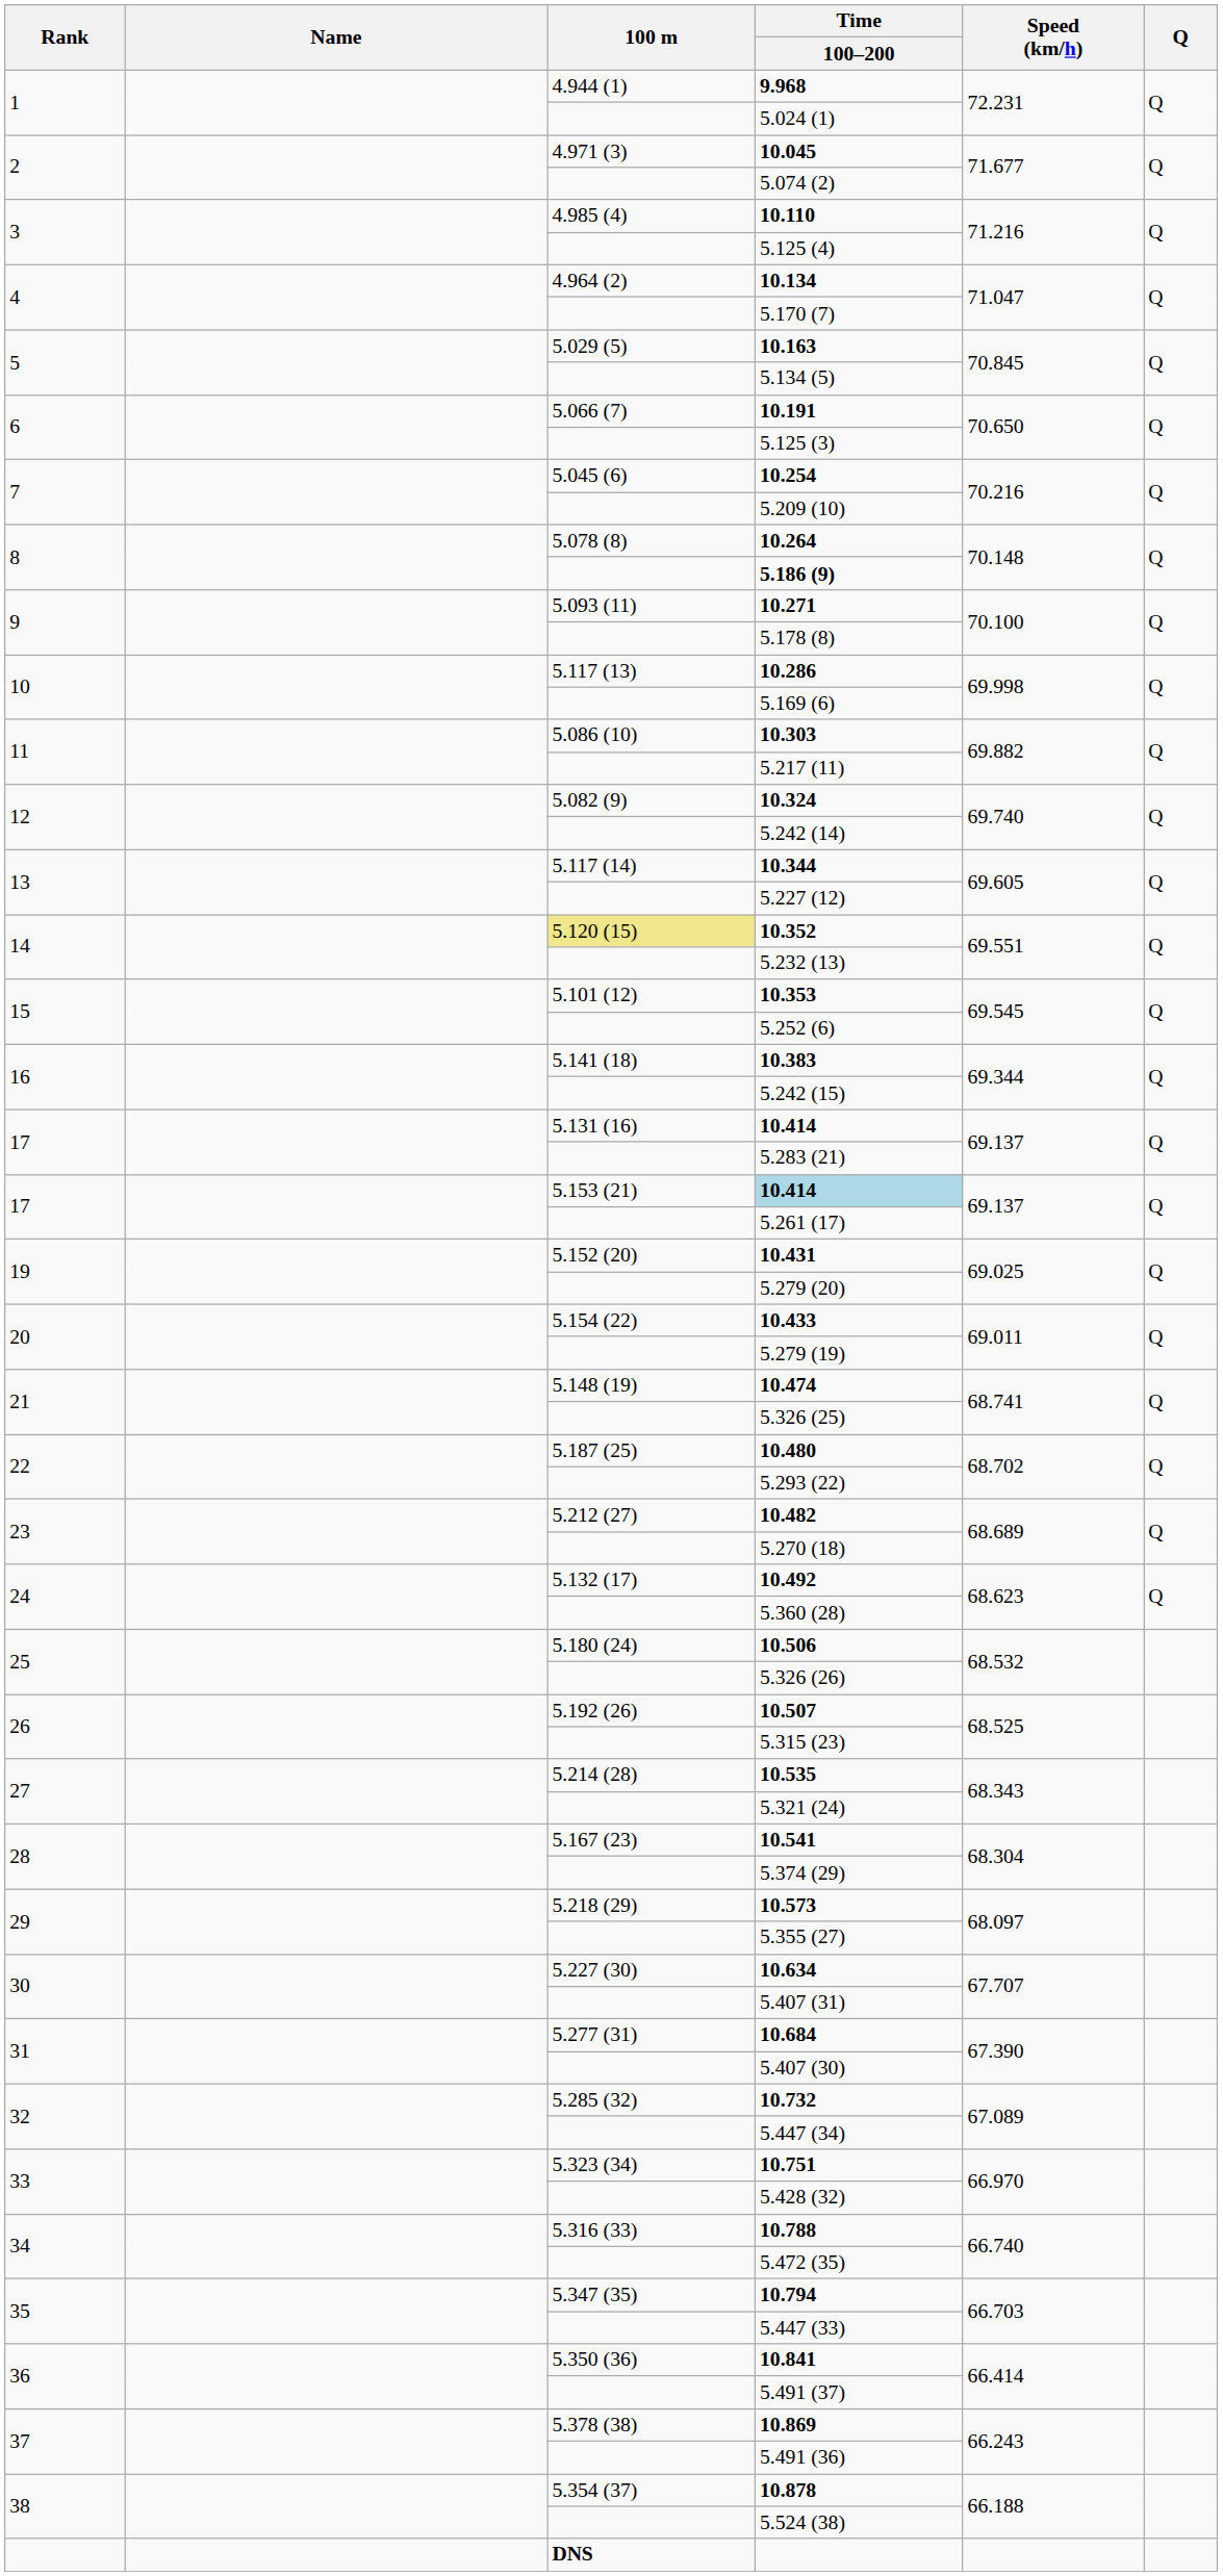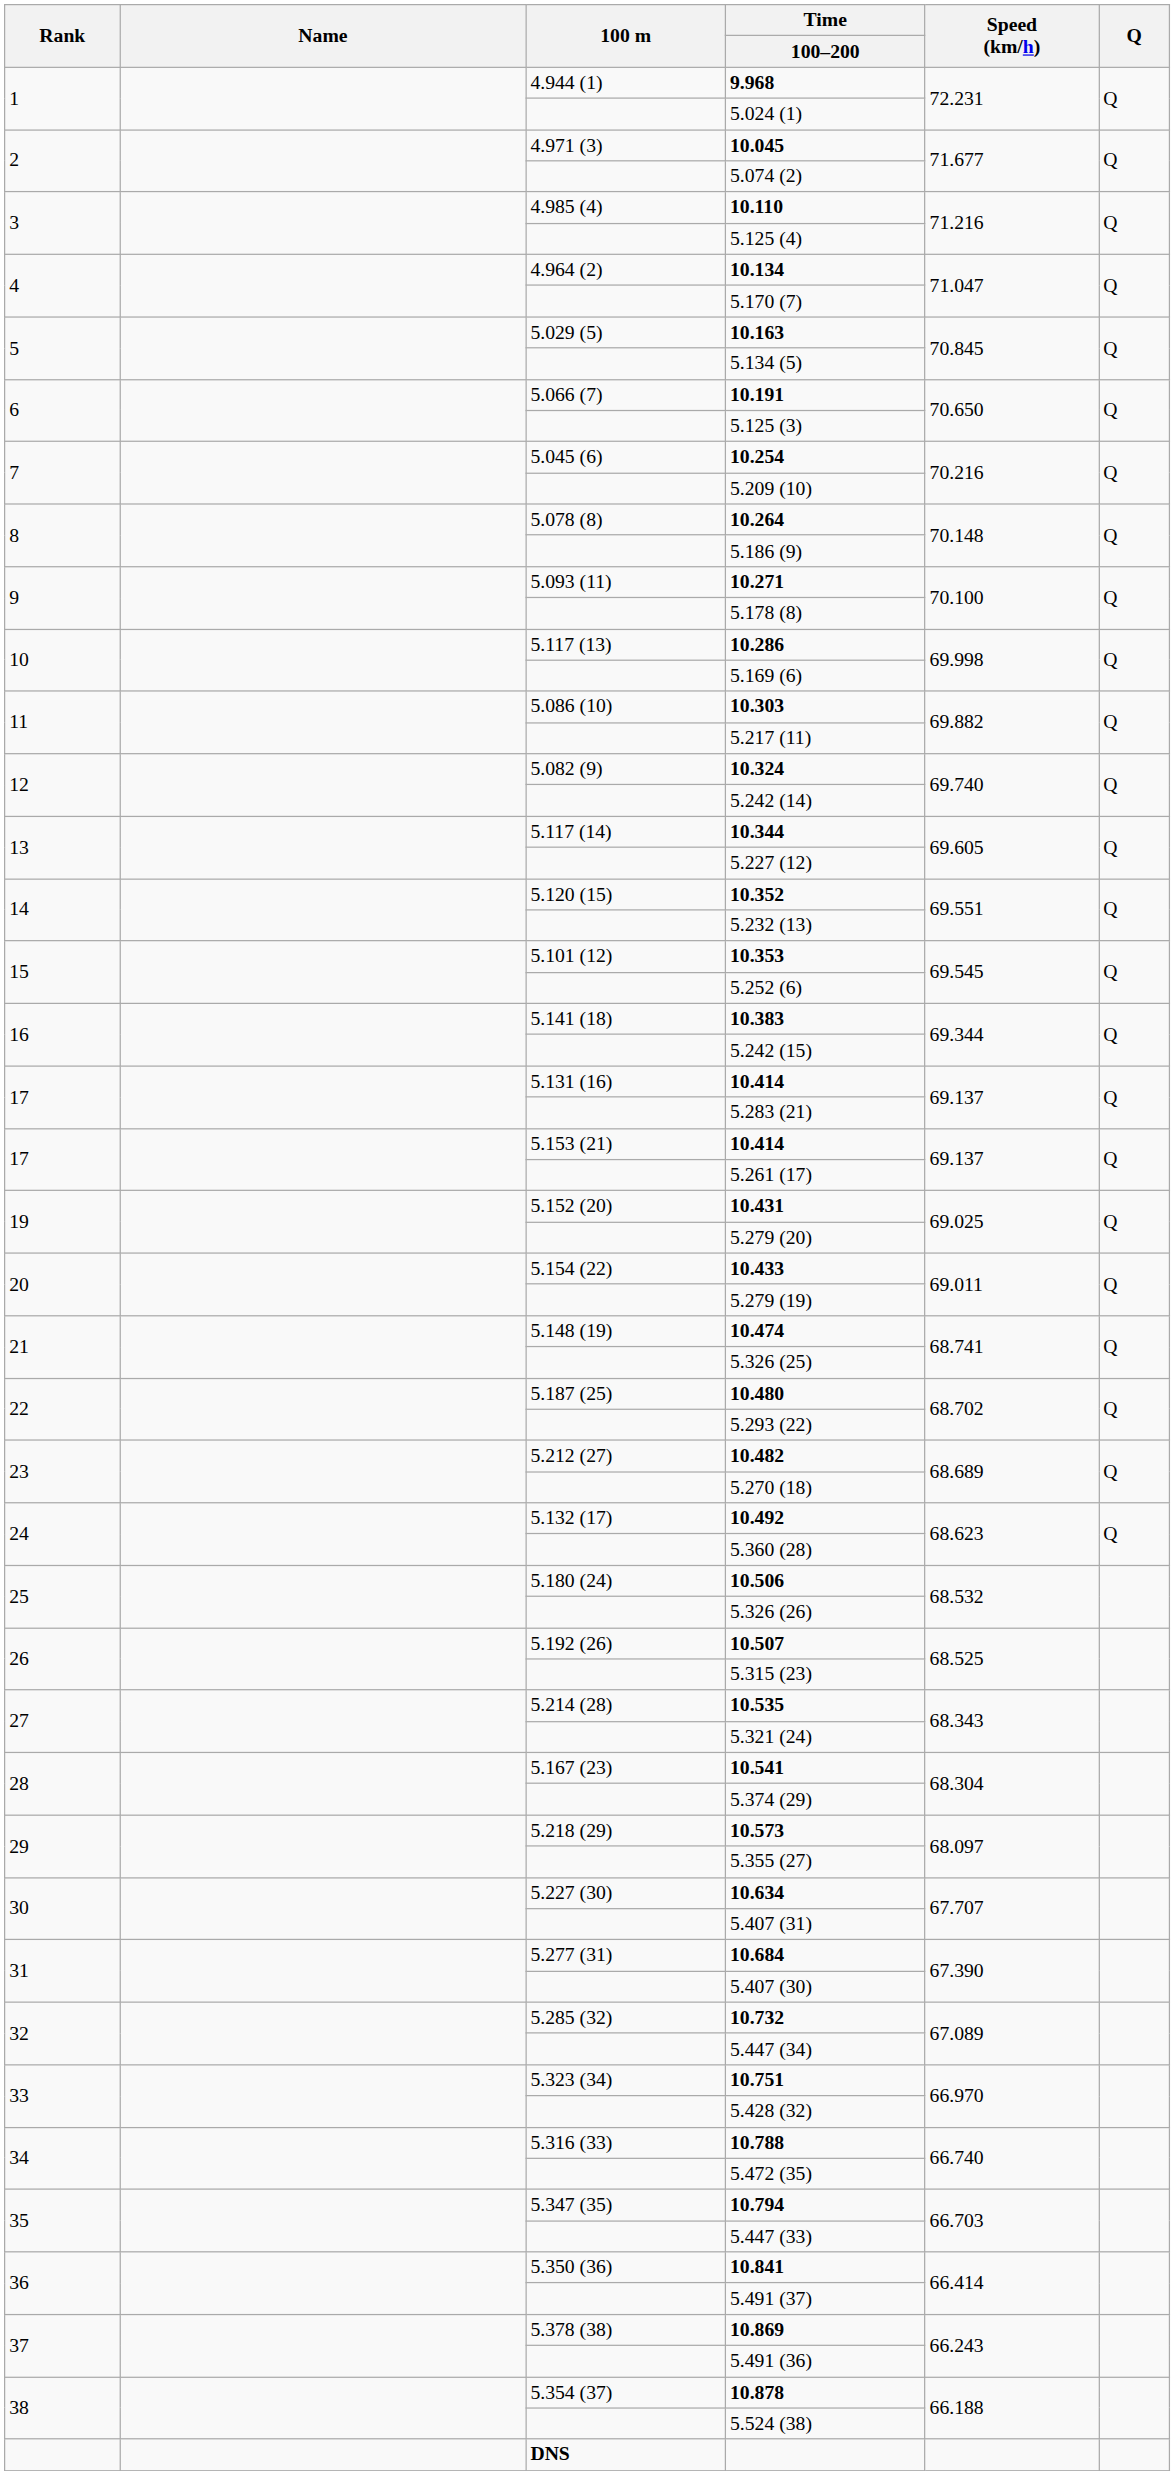 <table class="wikitable" width=75%>
 <tr>
 <th rowspan=2 width=20>Rank</th>
 <th rowspan=2 width=150>Name</th>
 <th rowspan=2 width=70>100 m</th>
 <th width=70>Time</th>
 <th rowspan=2 width=60>Speed<br>(km/<a href='#'>h</a>)</th>
 <th width=20 rowspan=2>Q</th>
 </tr>
 <tr>
 <th>100–200</th>
 </tr>
 <tr>
 <td rowspan=2>1</td>
 <td rowspan=2></td>
 <td>4.944 (1)</td>
 <td><strong>9.968</strong></td>
 <td rowspan=2>72.231</td>
 <td rowspan=2>Q</td>
 </tr>
 <tr>
 <td></td>
 <td>5.024 (1)</td>
 </tr>
 <tr>
 <td rowspan=2>2</td>
 <td rowspan=2></td>
 <td>4.971 (3)</td>
 <td><strong>10.045</strong></td>
 <td rowspan=2>71.677</td>
 <td rowspan=2>Q</td>
 </tr>
 <tr>
 <td></td>
 <td>5.074 (2)</td>
 </tr>
 <tr>
 <td rowspan=2>3</td>
 <td rowspan=2></td>
 <td>4.985 (4)</td>
 <td><strong>10.110</strong></td>
 <td rowspan=2>71.216</td>
 <td rowspan=2>Q</td>
 </tr>
 <tr>
 <td></td>
 <td>5.125 (4)</td>
 </tr>
 <tr>
 <td rowspan=2>4</td>
 <td rowspan=2></td>
 <td>4.964 (2)</td>
 <td><strong>10.134</strong></td>
 <td rowspan=2>71.047</td>
 <td rowspan=2>Q</td>
 </tr>
 <tr>
 <td></td>
 <td>5.170 (7)</td>
 </tr>
 <tr>
 <td rowspan=2>5</td>
 <td rowspan=2></td>
 <td>5.029 (5)</td>
 <td><strong>10.163</strong></td>
 <td rowspan=2>70.845</td>
 <td rowspan=2>Q</td>
 </tr>
 <tr>
 <td></td>
 <td>5.134 (5)</td>
 </tr>
 <tr>
 <td rowspan=2>6</td>
 <td rowspan=2></td>
 <td>5.066 (7)</td>
 <td><strong>10.191</strong></td>
 <td rowspan=2>70.650</td>
 <td rowspan=2>Q</td>
 </tr>
 <tr>
 <td></td>
 <td>5.125 (3)</td>
 </tr>
 <tr>
 <td rowspan=2>7</td>
 <td rowspan=2></td>
 <td>5.045 (6)</td>
 <td><strong>10.254</strong></td>
 <td rowspan=2>70.216</td>
 <td rowspan=2>Q</td>
 </tr>
 <tr>
 <td></td>
 <td>5.209 (10)</td>
 </tr>
 <tr>
 <td rowspan=2>8</td>
 <td rowspan=2></td>
 <td>5.078 (8)</td>
 <td><strong>10.264</strong></td>
 <td rowspan=2>70.148</td>
 <td rowspan=2>Q</td>
 </tr>
 <tr>
 <td></td>
-<td><strong>5.186 (9)</strong></td>
+<td>5.186 (9)</td>
 </tr>
 <tr>
 <td rowspan=2>9</td>
 <td rowspan=2></td>
 <td>5.093 (11)</td>
 <td><strong>10.271</strong></td>
 <td rowspan=2>70.100</td>
 <td rowspan=2>Q</td>
 </tr>
 <tr>
 <td></td>
 <td>5.178 (8)</td>
 </tr>
 <tr>
 <td rowspan=2>10</td>
 <td rowspan=2></td>
 <td>5.117 (13)</td>
 <td><strong>10.286</strong></td>
 <td rowspan=2>69.998</td>
 <td rowspan=2>Q</td>
 </tr>
 <tr>
 <td></td>
 <td>5.169 (6)</td>
 </tr>
 <tr>
 <td rowspan=2>11</td>
 <td rowspan=2></td>
 <td>5.086 (10)</td>
 <td><strong>10.303</strong></td>
 <td rowspan=2>69.882</td>
 <td rowspan=2>Q</td>
 </tr>
 <tr>
 <td></td>
 <td>5.217 (11)</td>
 </tr>
 <tr>
 <td rowspan=2>12</td>
 <td rowspan=2></td>
 <td>5.082 (9)</td>
 <td><strong>10.324</strong></td>
 <td rowspan=2>69.740</td>
 <td rowspan=2>Q</td>
 </tr>
 <tr>
 <td></td>
 <td>5.242 (14)</td>
 </tr>
 <tr>
 <td rowspan=2>13</td>
 <td rowspan=2></td>
 <td>5.117 (14)</td>
 <td><strong>10.344</strong></td>
 <td rowspan=2>69.605</td>
 <td rowspan=2>Q</td>
 </tr>
 <tr>
 <td></td>
 <td>5.227 (12)</td>
 </tr>
 <tr>
 <td rowspan=2>14</td>
 <td rowspan=2></td>
-<td style="background: khaki;">5.120 (15)</td>
+<td>5.120 (15)</td>
 <td><strong>10.352</strong></td>
 <td rowspan=2>69.551</td>
 <td rowspan=2>Q</td>
 </tr>
 <tr>
 <td></td>
 <td>5.232 (13)</td>
 </tr>
 <tr>
 <td rowspan=2>15</td>
 <td rowspan=2></td>
 <td>5.101 (12)</td>
 <td><strong>10.353</strong></td>
 <td rowspan=2>69.545</td>
 <td rowspan=2>Q</td>
 </tr>
 <tr>
 <td></td>
 <td>5.252 (6)</td>
 </tr>
 <tr>
 <td rowspan=2>16</td>
 <td rowspan=2></td>
 <td>5.141 (18)</td>
 <td><strong>10.383</strong></td>
 <td rowspan=2>69.344</td>
 <td rowspan=2>Q</td>
 </tr>
 <tr>
 <td></td>
 <td>5.242 (15)</td>
 </tr>
 <tr>
 <td rowspan=2>17</td>
 <td rowspan=2></td>
 <td>5.131 (16)</td>
 <td><strong>10.414</strong></td>
 <td rowspan=2>69.137</td>
 <td rowspan=2>Q</td>
 </tr>
 <tr>
 <td></td>
 <td>5.283 (21)</td>
 </tr>
 <tr>
 <td rowspan=2>17</td>
 <td rowspan=2></td>
 <td>5.153 (21)</td>
-<td style="background: lightblue;"><strong>10.414</strong></td>
+<td><strong>10.414</strong></td>
 <td rowspan=2>69.137</td>
 <td rowspan=2>Q</td>
 </tr>
 <tr>
 <td></td>
 <td>5.261 (17)</td>
 </tr>
 <tr>
 <td rowspan=2>19</td>
 <td rowspan=2></td>
 <td>5.152 (20)</td>
 <td><strong>10.431</strong></td>
 <td rowspan=2>69.025</td>
 <td rowspan=2>Q</td>
 </tr>
 <tr>
 <td></td>
 <td>5.279 (20)</td>
 </tr>
 <tr>
 <td rowspan=2>20</td>
 <td rowspan=2></td>
 <td>5.154 (22)</td>
 <td><strong>10.433</strong></td>
 <td rowspan=2>69.011</td>
 <td rowspan=2>Q</td>
 </tr>
 <tr>
 <td></td>
 <td>5.279 (19)</td>
 </tr>
 <tr>
 <td rowspan=2>21</td>
 <td rowspan=2></td>
 <td>5.148 (19)</td>
 <td><strong>10.474</strong></td>
 <td rowspan=2>68.741</td>
 <td rowspan=2>Q</td>
 </tr>
 <tr>
 <td></td>
 <td>5.326 (25)</td>
 </tr>
 <tr>
 <td rowspan=2>22</td>
 <td rowspan=2></td>
 <td>5.187 (25)</td>
 <td><strong>10.480</strong></td>
 <td rowspan=2>68.702</td>
 <td rowspan=2>Q</td>
 </tr>
 <tr>
 <td></td>
 <td>5.293 (22)</td>
 </tr>
 <tr>
 <td rowspan=2>23</td>
 <td rowspan=2></td>
 <td>5.212 (27)</td>
 <td><strong>10.482</strong></td>
 <td rowspan=2>68.689</td>
 <td rowspan=2>Q</td>
 </tr>
 <tr>
 <td></td>
 <td>5.270 (18)</td>
 </tr>
 <tr>
 <td rowspan=2>24</td>
 <td rowspan=2></td>
 <td>5.132 (17)</td>
 <td><strong>10.492</strong></td>
 <td rowspan=2>68.623</td>
 <td rowspan=2>Q</td>
 </tr>
 <tr>
 <td></td>
 <td>5.360 (28)</td>
 </tr>
 <tr>
 <td rowspan=2>25</td>
 <td rowspan=2></td>
 <td>5.180 (24)</td>
 <td><strong>10.506</strong></td>
 <td rowspan=2>68.532</td>
 <td rowspan=2></td>
 </tr>
 <tr>
 <td></td>
 <td>5.326 (26)</td>
 </tr>
 <tr>
 <td rowspan=2>26</td>
 <td rowspan=2></td>
 <td>5.192 (26)</td>
 <td><strong>10.507</strong></td>
 <td rowspan=2>68.525</td>
 <td rowspan=2></td>
 </tr>
 <tr>
 <td></td>
 <td>5.315 (23)</td>
 </tr>
 <tr>
 <td rowspan=2>27</td>
 <td rowspan=2></td>
 <td>5.214 (28)</td>
 <td><strong>10.535</strong></td>
 <td rowspan=2>68.343</td>
 <td rowspan=2></td>
 </tr>
 <tr>
 <td></td>
 <td>5.321 (24)</td>
 </tr>
 <tr>
 <td rowspan=2>28</td>
 <td rowspan=2></td>
 <td>5.167 (23)</td>
 <td><strong>10.541</strong></td>
 <td rowspan=2>68.304</td>
 <td rowspan=2></td>
 </tr>
 <tr>
 <td></td>
 <td>5.374 (29)</td>
 </tr>
 <tr>
 <td rowspan=2>29</td>
 <td rowspan=2></td>
 <td>5.218 (29)</td>
 <td><strong>10.573</strong></td>
 <td rowspan=2>68.097</td>
 <td rowspan=2></td>
 </tr>
 <tr>
 <td></td>
 <td>5.355 (27)</td>
 </tr>
 <tr>
 <td rowspan=2>30</td>
 <td rowspan=2></td>
 <td>5.227 (30)</td>
 <td><strong>10.634</strong></td>
 <td rowspan=2>67.707</td>
 <td rowspan=2></td>
 </tr>
 <tr>
 <td></td>
 <td>5.407 (31)</td>
 </tr>
 <tr>
 <td rowspan=2>31</td>
 <td rowspan=2></td>
 <td>5.277 (31)</td>
 <td><strong>10.684</strong></td>
 <td rowspan=2>67.390</td>
 <td rowspan=2></td>
 </tr>
 <tr>
 <td></td>
 <td>5.407 (30)</td>
 </tr>
 <tr>
 <td rowspan=2>32</td>
 <td rowspan=2></td>
 <td>5.285 (32)</td>
 <td><strong>10.732</strong></td>
 <td rowspan=2>67.089</td>
 <td rowspan=2></td>
 </tr>
 <tr>
 <td></td>
 <td>5.447 (34)</td>
 </tr>
 <tr>
 <td rowspan=2>33</td>
 <td rowspan=2></td>
 <td>5.323 (34)</td>
 <td><strong>10.751</strong></td>
 <td rowspan=2>66.970</td>
 <td rowspan=2></td>
 </tr>
 <tr>
 <td></td>
 <td>5.428 (32)</td>
 </tr>
 <tr>
 <td rowspan=2>34</td>
 <td rowspan=2></td>
 <td>5.316 (33)</td>
 <td><strong>10.788</strong></td>
 <td rowspan=2>66.740</td>
 <td rowspan=2></td>
 </tr>
 <tr>
 <td></td>
 <td>5.472 (35)</td>
 </tr>
 <tr>
 <td rowspan=2>35</td>
 <td rowspan=2></td>
 <td>5.347 (35)</td>
 <td><strong>10.794</strong></td>
 <td rowspan=2>66.703</td>
 <td rowspan=2></td>
 </tr>
 <tr>
 <td></td>
 <td>5.447 (33)</td>
 </tr>
 <tr>
 <td rowspan=2>36</td>
 <td rowspan=2></td>
 <td>5.350 (36)</td>
 <td><strong>10.841</strong></td>
 <td rowspan=2>66.414</td>
 <td rowspan=2></td>
 </tr>
 <tr>
 <td></td>
 <td>5.491 (37)</td>
 </tr>
 <tr>
 <td rowspan=2>37</td>
 <td rowspan=2></td>
 <td>5.378 (38)</td>
 <td><strong>10.869</strong></td>
 <td rowspan=2>66.243</td>
 <td rowspan=2></td>
 </tr>
 <tr>
 <td></td>
 <td>5.491 (36)</td>
 </tr>
 <tr>
 <td rowspan=2>38</td>
 <td rowspan=2></td>
 <td>5.354 (37)</td>
 <td><strong>10.878</strong></td>
 <td rowspan=2>66.188</td>
 <td rowspan=2></td>
 </tr>
 <tr>
 <td></td>
 <td>5.524 (38)</td>
 </tr>
 <tr>
 <td></td>
 <td></td>
 <td><strong>DNS</strong></td>
 <td></td>
 <td></td>
 <td></td>
 </tr>
 </table>
